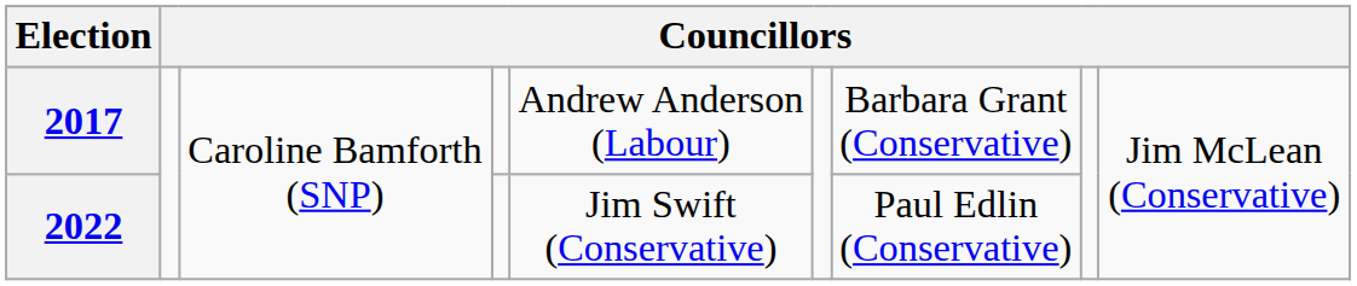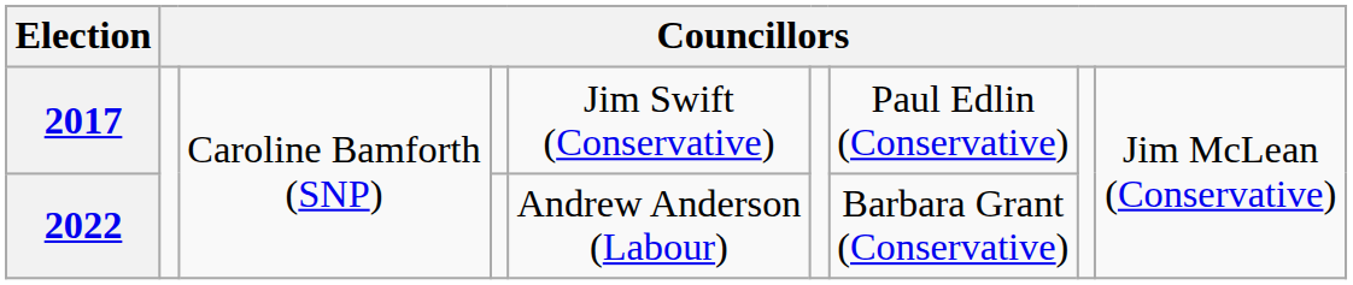 <table class="wikitable" style="text-align:center">
 <tr>
 <th>Election</th>
 <th colspan=8>Councillors</th>
 </tr>
 <tr>
 <th><a href='#'>2017</a></th>
 <td rowspan=2; style="background-color: "></td>
 <td rowspan=2>Caroline Bamforth<br>(<a href='#'>SNP</a>)</td>
 <td rowspan=1; style="background-color: "></td>
-<td rowspan=1>Andrew Anderson<br>(<a href='#'>Labour</a>)</td>
+<td rowspan=1>Jim Swift<br>(<a href='#'>Conservative</a>)</td>
 <td rowspan=2; style="background-color: "></td>
-<td rowspan=1>Barbara Grant<br>(<a href='#'>Conservative</a>)</td>
+<td rowspan=1>Paul Edlin<br>(<a href='#'>Conservative</a>)</td>
 <td rowspan=2; style="background-color: "></td>
 <td rowspan=2>Jim McLean<br>(<a href='#'>Conservative</a>)</td>
 </tr>
 <tr>
 <th><a href='#'>2022</a></th>
 <td rowspan=1; style="background-color: "></td>
-<td rowspan=1>Jim Swift<br>(<a href='#'>Conservative</a>)</td>
-<td rowspan=1>Paul Edlin<br>(<a href='#'>Conservative</a>)</td>
+<td rowspan=1>Andrew Anderson<br>(<a href='#'>Labour</a>)</td>
+<td rowspan=1>Barbara Grant<br>(<a href='#'>Conservative</a>)</td>
 </tr>
 </table>
